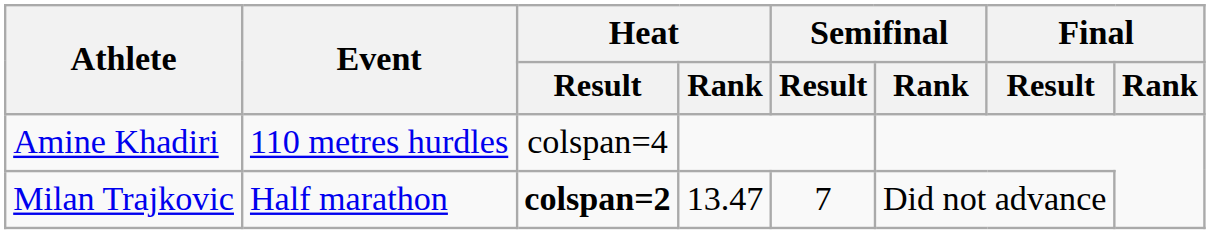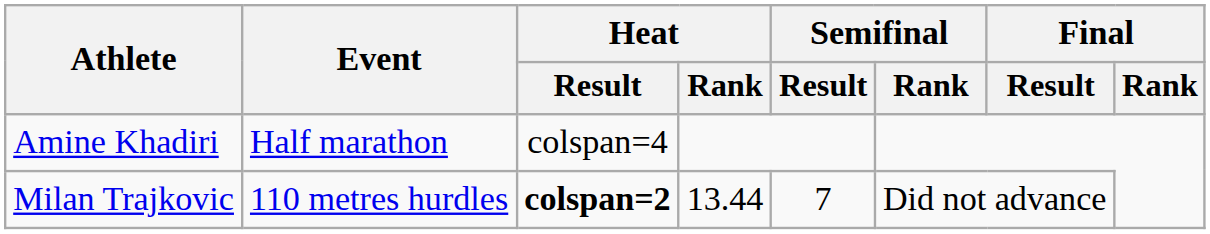 <table class=wikitable style=font-size:90%>
 <tr>
 <th rowspan=2>Athlete</th>
 <th rowspan=2>Event</th>
 <th colspan=2>Heat</th>
 <th colspan=2>Semifinal</th>
 <th colspan=2>Final</th>
 </tr>
 <tr style=font-size:95%>
 <th>Result</th>
 <th>Rank</th>
 <th>Result</th>
 <th>Rank</th>
 <th>Result</th>
 <th>Rank</th>
 </tr>
 <tr align=center>
 <td align=left><a href='#'>Amine Khadiri</a></td>
-<td align=left><a href='#'>110 metres hurdles</a></td>
+<td align=left><a href='#'>Half marathon</a></td>
 <td>colspan=4</td>
 <td colspan=2></td>
 </tr>
 <tr align=center>
 <td align=left><a href='#'>Milan Trajkovic</a></td>
-<td align=left><a href='#'>Half marathon</a></td>
+<td align=left><a href='#'>110 metres hurdles</a></td>
 <td><strong>colspan=2</strong></td>
-<td>13.47</td>
+<td>13.44</td>
 <td>7</td>
 <td colspan=2>Did not advance</td>
 </tr>
 </table>
